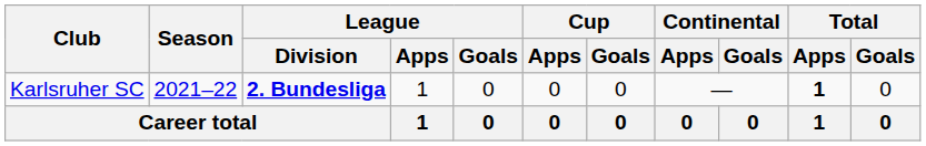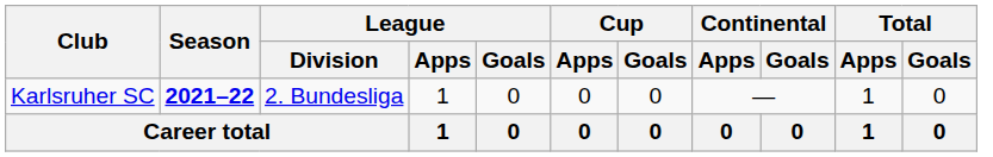 <table class="wikitable" Style="text-align: center">
 <tr>
 <th rowspan="2">Club</th>
 <th rowspan="2">Season</th>
 <th colspan="3">League</th>
 <th colspan="2">Cup</th>
 <th colspan="2">Continental</th>
 <th colspan="2">Total</th>
 </tr>
 <tr>
 <th>Division</th>
 <th>Apps</th>
 <th>Goals</th>
 <th>Apps</th>
 <th>Goals</th>
 <th>Apps</th>
 <th>Goals</th>
 <th>Apps</th>
 <th>Goals</th>
 </tr>
 <tr>
 <td rowspan="1"><a href='#'>Karlsruher SC</a></td>
-<td><a href='#'>2021–22</a></td>
-<td rowspan="1"><strong><a href='#'>2. Bundesliga</a></strong></td>
+<td><strong><a href='#'>2021–22</a></strong></td>
+<td rowspan="1"><a href='#'>2. Bundesliga</a></td>
 <td>1</td>
 <td>0</td>
 <td>0</td>
 <td>0</td>
 <td colspan="2">—</td>
-<td><strong>1</strong></td>
+<td>1</td>
 <td>0</td>
 </tr>
 <tr>
 <th colspan="3">Career total</th>
 <th>1</th>
 <th>0</th>
 <th>0</th>
 <th>0</th>
 <th>0</th>
 <th>0</th>
 <th>1</th>
 <th>0</th>
 </tr>
 </table>
